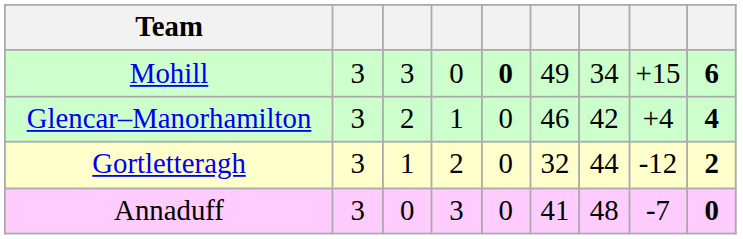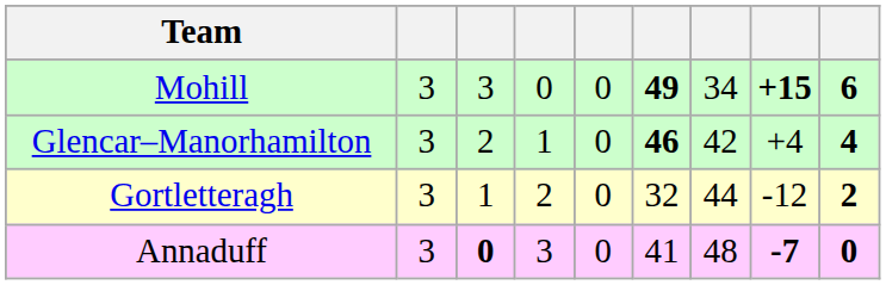 <table class="wikitable" style="text-align:center">
 <tr>
 <th style="width:175px;">Team</th>
 <th width="20"></th>
 <th width="20"></th>
 <th width="20"></th>
 <th width="20"></th>
 <th width="20"></th>
 <th width="20"></th>
 <th width="20"></th>
 <th width="20"></th>
 </tr>
 <tr style="background:#cfc;">
 <td><a href='#'>Mohill</a></td>
 <td>3</td>
 <td>3</td>
 <td>0</td>
-<td><strong>0</strong></td>
-<td>49</td>
+<td>0</td>
+<td><strong>49</strong></td>
 <td>34</td>
-<td>+15</td>
+<td><strong>+15</strong></td>
 <td><strong>6</strong></td>
 </tr>
 <tr style="background:#cfc;">
 <td><a href='#'>Glencar–Manorhamilton</a></td>
 <td>3</td>
 <td>2</td>
 <td>1</td>
 <td>0</td>
-<td>46</td>
+<td><strong>46</strong></td>
 <td>42</td>
 <td>+4</td>
 <td><strong>4</strong></td>
 </tr>
 <tr style="background:#ffffcc;">
 <td><a href='#'>Gortletteragh</a></td>
 <td>3</td>
 <td>1</td>
 <td>2</td>
 <td>0</td>
 <td>32</td>
 <td>44</td>
 <td>-12</td>
 <td><strong>2</strong></td>
 </tr>
 <tr style="background:#fcf;">
 <td>Annaduff</td>
 <td>3</td>
-<td>0</td>
+<td><strong>0</strong></td>
 <td>3</td>
 <td>0</td>
 <td>41</td>
 <td>48</td>
-<td>-7</td>
+<td><strong>-7</strong></td>
 <td><strong>0</strong></td>
 </tr>
 </table>
